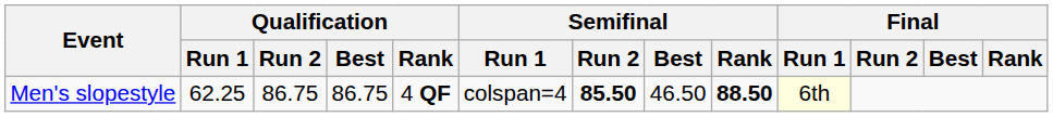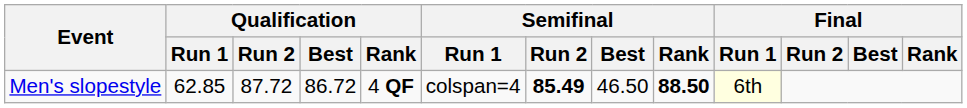 <table class="wikitable" style="font-size:100%">
 <tr>
 <th rowspan="2">Event</th>
 <th colspan="4">Qualification</th>
 <th colspan="4">Semifinal</th>
 <th colspan="4">Final</th>
 </tr>
 <tr style="font-size:100%">
 <th>Run 1</th>
 <th>Run 2</th>
 <th>Best</th>
 <th>Rank</th>
 <th>Run 1</th>
 <th>Run 2</th>
 <th>Best</th>
 <th>Rank</th>
 <th>Run 1</th>
 <th>Run 2</th>
 <th>Best</th>
 <th>Rank</th>
 </tr>
 <tr align=center>
 <td><a href='#'>Men's slopestyle</a></td>
-<td>62.25</td>
-<td>86.75</td>
-<td>86.75</td>
+<td>62.85</td>
+<td>87.72</td>
+<td>86.72</td>
 <td>4 <strong>QF</strong></td>
 <td>colspan=4 </td>
-<td><strong>85.50</strong></td>
+<td><strong>85.49</strong></td>
 <td>46.50</td>
 <td><strong>88.50</strong></td>
 <td style="background: lightyellow;">6th</td>
 </tr>
 </table>
